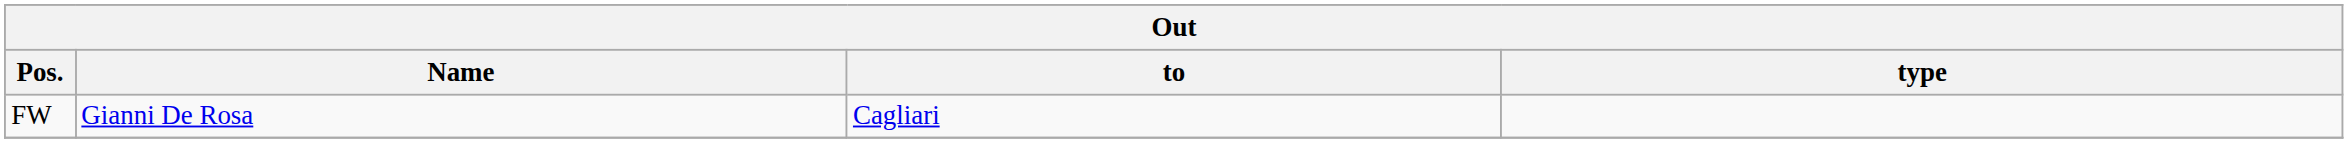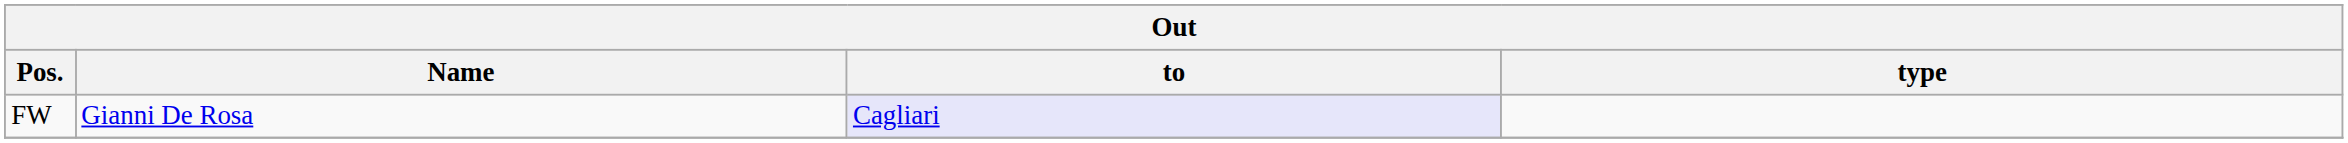 <table class="wikitable" style="font-size:90%;width:99%;">
 <tr>
 <th colspan="4">Out</th>
 </tr>
 <tr>
 <th width=3%>Pos.</th>
 <th width=33%>Name</th>
 <th width=28%>to</th>
 <th width=36%>type</th>
 </tr>
 <tr>
 <td>FW</td>
 <td><a href='#'>Gianni De Rosa</a></td>
-<td><a href='#'>Cagliari</a></td>
+<td style="background: lavender;"><a href='#'>Cagliari</a></td>
 <td></td>
 </tr>
 <tr>
 </tr>
 </table>
